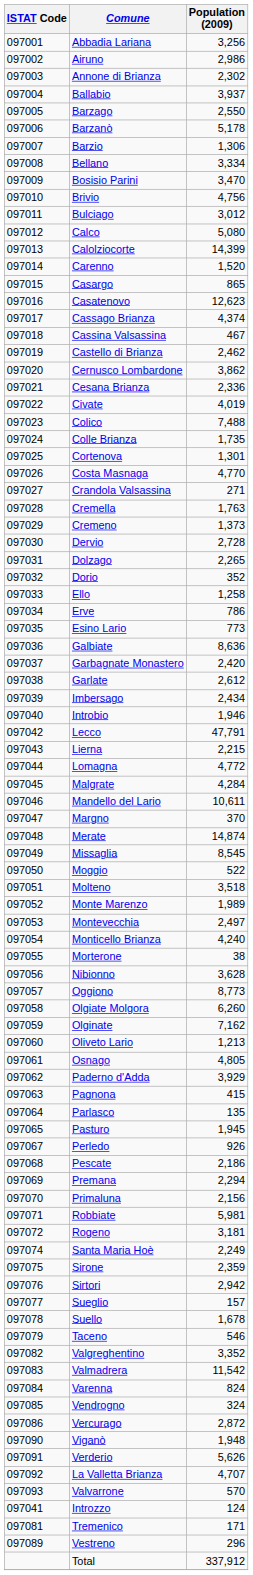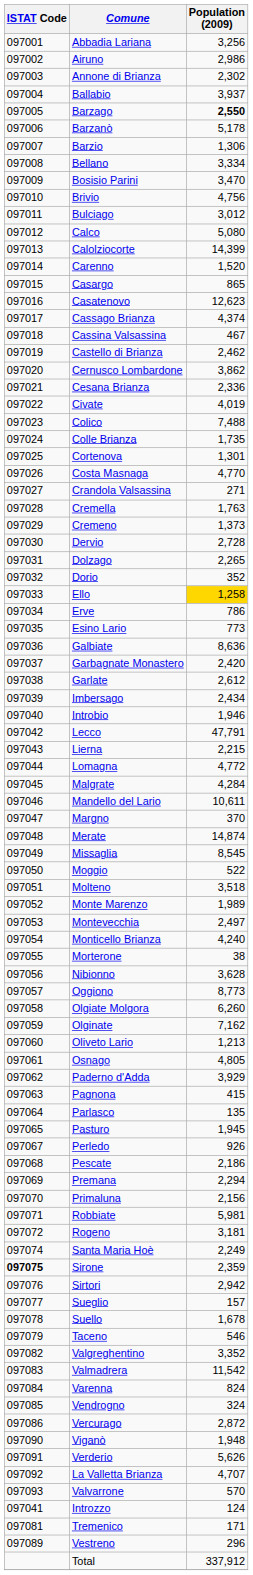 <table class="wikitable sortable">
 <tr>
 <th><a href='#'>ISTAT</a> Code</th>
 <th><em><a href='#'>Comune</a></em></th>
 <th>Population <br>(2009)</th>
 </tr>
 <tr>
 <td>097001</td>
 <td><a href='#'>Abbadia Lariana</a></td>
 <td align=right>3,256</td>
 </tr>
 <tr>
 <td>097002</td>
 <td><a href='#'>Airuno</a></td>
 <td align=right>2,986</td>
 </tr>
 <tr>
 <td>097003</td>
 <td><a href='#'>Annone di Brianza</a></td>
 <td align=right>2,302</td>
 </tr>
 <tr>
 <td>097004</td>
 <td><a href='#'>Ballabio</a></td>
 <td align=right>3,937</td>
 </tr>
 <tr>
 <td>097005</td>
 <td><a href='#'>Barzago</a></td>
-<td align=right>2,550</td>
+<td align=right><strong>2,550</strong></td>
 </tr>
 <tr>
 <td>097006</td>
 <td><a href='#'>Barzanò</a></td>
 <td align=right>5,178</td>
 </tr>
 <tr>
 <td>097007</td>
 <td><a href='#'>Barzio</a></td>
 <td align=right>1,306</td>
 </tr>
 <tr>
 <td>097008</td>
 <td><a href='#'>Bellano</a></td>
 <td align=right>3,334</td>
 </tr>
 <tr>
 <td>097009</td>
 <td><a href='#'>Bosisio Parini</a></td>
 <td align=right>3,470</td>
 </tr>
 <tr>
 <td>097010</td>
 <td><a href='#'>Brivio</a></td>
 <td align=right>4,756</td>
 </tr>
 <tr>
 <td>097011</td>
 <td><a href='#'>Bulciago</a></td>
 <td align=right>3,012</td>
 </tr>
 <tr>
 <td>097012</td>
 <td><a href='#'>Calco</a></td>
 <td align=right>5,080</td>
 </tr>
 <tr>
 <td>097013</td>
 <td><a href='#'>Calolziocorte</a></td>
 <td align=right>14,399</td>
 </tr>
 <tr>
 <td>097014</td>
 <td><a href='#'>Carenno</a></td>
 <td align=right>1,520</td>
 </tr>
 <tr>
 <td>097015</td>
 <td><a href='#'>Casargo</a></td>
 <td align=right>865</td>
 </tr>
 <tr>
 <td>097016</td>
 <td><a href='#'>Casatenovo</a></td>
 <td align=right>12,623</td>
 </tr>
 <tr>
 <td>097017</td>
 <td><a href='#'>Cassago Brianza</a></td>
 <td align=right>4,374</td>
 </tr>
 <tr>
 <td>097018</td>
 <td><a href='#'>Cassina Valsassina</a></td>
 <td align=right>467</td>
 </tr>
 <tr>
 <td>097019</td>
 <td><a href='#'>Castello di Brianza</a></td>
 <td align=right>2,462</td>
 </tr>
 <tr>
 <td>097020</td>
 <td><a href='#'>Cernusco Lombardone</a></td>
 <td align=right>3,862</td>
 </tr>
 <tr>
 <td>097021</td>
 <td><a href='#'>Cesana Brianza</a></td>
 <td align=right>2,336</td>
 </tr>
 <tr>
 <td>097022</td>
 <td><a href='#'>Civate</a></td>
 <td align=right>4,019</td>
 </tr>
 <tr>
 <td>097023</td>
 <td><a href='#'>Colico</a></td>
 <td align=right>7,488</td>
 </tr>
 <tr>
 <td>097024</td>
 <td><a href='#'>Colle Brianza</a></td>
 <td align=right>1,735</td>
 </tr>
 <tr>
 <td>097025</td>
 <td><a href='#'>Cortenova</a></td>
 <td align=right>1,301</td>
 </tr>
 <tr>
 <td>097026</td>
 <td><a href='#'>Costa Masnaga</a></td>
 <td align=right>4,770</td>
 </tr>
 <tr>
 <td>097027</td>
 <td><a href='#'>Crandola Valsassina</a></td>
 <td align=right>271</td>
 </tr>
 <tr>
 <td>097028</td>
 <td><a href='#'>Cremella</a></td>
 <td align=right>1,763</td>
 </tr>
 <tr>
 <td>097029</td>
 <td><a href='#'>Cremeno</a></td>
 <td align=right>1,373</td>
 </tr>
 <tr>
 <td>097030</td>
 <td><a href='#'>Dervio</a></td>
 <td align=right>2,728</td>
 </tr>
 <tr>
 <td>097031</td>
 <td><a href='#'>Dolzago</a></td>
 <td align=right>2,265</td>
 </tr>
 <tr>
 <td>097032</td>
 <td><a href='#'>Dorio</a></td>
 <td align=right>352</td>
 </tr>
 <tr>
 <td>097033</td>
 <td><a href='#'>Ello</a></td>
-<td align=right>1,258</td>
+<td align=right style="background: gold;">1,258</td>
 </tr>
 <tr>
 <td>097034</td>
 <td><a href='#'>Erve</a></td>
 <td align=right>786</td>
 </tr>
 <tr>
 <td>097035</td>
 <td><a href='#'>Esino Lario</a></td>
 <td align=right>773</td>
 </tr>
 <tr>
 <td>097036</td>
 <td><a href='#'>Galbiate</a></td>
 <td align=right>8,636</td>
 </tr>
 <tr>
 <td>097037</td>
 <td><a href='#'>Garbagnate Monastero</a></td>
 <td align=right>2,420</td>
 </tr>
 <tr>
 <td>097038</td>
 <td><a href='#'>Garlate</a></td>
 <td align=right>2,612</td>
 </tr>
 <tr>
 <td>097039</td>
 <td><a href='#'>Imbersago</a></td>
 <td align=right>2,434</td>
 </tr>
 <tr>
 <td>097040</td>
 <td><a href='#'>Introbio</a></td>
 <td align=right>1,946</td>
 </tr>
 <tr>
 <td>097042</td>
 <td><a href='#'>Lecco</a></td>
 <td align=right>47,791</td>
 </tr>
 <tr>
 <td>097043</td>
 <td><a href='#'>Lierna</a></td>
 <td align=right>2,215</td>
 </tr>
 <tr>
 <td>097044</td>
 <td><a href='#'>Lomagna</a></td>
 <td align=right>4,772</td>
 </tr>
 <tr>
 <td>097045</td>
 <td><a href='#'>Malgrate</a></td>
 <td align=right>4,284</td>
 </tr>
 <tr>
 <td>097046</td>
 <td><a href='#'>Mandello del Lario</a></td>
 <td align=right>10,611</td>
 </tr>
 <tr>
 <td>097047</td>
 <td><a href='#'>Margno</a></td>
 <td align=right>370</td>
 </tr>
 <tr>
 <td>097048</td>
 <td><a href='#'>Merate</a></td>
 <td align=right>14,874</td>
 </tr>
 <tr>
 <td>097049</td>
 <td><a href='#'>Missaglia</a></td>
 <td align=right>8,545</td>
 </tr>
 <tr>
 <td>097050</td>
 <td><a href='#'>Moggio</a></td>
 <td align=right>522</td>
 </tr>
 <tr>
 <td>097051</td>
 <td><a href='#'>Molteno</a></td>
 <td align=right>3,518</td>
 </tr>
 <tr>
 <td>097052</td>
 <td><a href='#'>Monte Marenzo</a></td>
 <td align=right>1,989</td>
 </tr>
 <tr>
 <td>097053</td>
 <td><a href='#'>Montevecchia</a></td>
 <td align=right>2,497</td>
 </tr>
 <tr>
 <td>097054</td>
 <td><a href='#'>Monticello Brianza</a></td>
 <td align=right>4,240</td>
 </tr>
 <tr>
 <td>097055</td>
 <td><a href='#'>Morterone</a></td>
 <td align=right>38</td>
 </tr>
 <tr>
 <td>097056</td>
 <td><a href='#'>Nibionno</a></td>
 <td align=right>3,628</td>
 </tr>
 <tr>
 <td>097057</td>
 <td><a href='#'>Oggiono</a></td>
 <td align=right>8,773</td>
 </tr>
 <tr>
 <td>097058</td>
 <td><a href='#'>Olgiate Molgora</a></td>
 <td align=right>6,260</td>
 </tr>
 <tr>
 <td>097059</td>
 <td><a href='#'>Olginate</a></td>
 <td align=right>7,162</td>
 </tr>
 <tr>
 <td>097060</td>
 <td><a href='#'>Oliveto Lario</a></td>
 <td align=right>1,213</td>
 </tr>
 <tr>
 <td>097061</td>
 <td><a href='#'>Osnago</a></td>
 <td align=right>4,805</td>
 </tr>
 <tr>
 <td>097062</td>
 <td><a href='#'>Paderno d'Adda</a></td>
 <td align=right>3,929</td>
 </tr>
 <tr>
 <td>097063</td>
 <td><a href='#'>Pagnona</a></td>
 <td align=right>415</td>
 </tr>
 <tr>
 <td>097064</td>
 <td><a href='#'>Parlasco</a></td>
 <td align=right>135</td>
 </tr>
 <tr>
 <td>097065</td>
 <td><a href='#'>Pasturo</a></td>
 <td align=right>1,945</td>
 </tr>
 <tr>
 <td>097067</td>
 <td><a href='#'>Perledo</a></td>
 <td align=right>926</td>
 </tr>
 <tr>
 <td>097068</td>
 <td><a href='#'>Pescate</a></td>
 <td align=right>2,186</td>
 </tr>
 <tr>
 <td>097069</td>
 <td><a href='#'>Premana</a></td>
 <td align=right>2,294</td>
 </tr>
 <tr>
 <td>097070</td>
 <td><a href='#'>Primaluna</a></td>
 <td align=right>2,156</td>
 </tr>
 <tr>
 <td>097071</td>
 <td><a href='#'>Robbiate</a></td>
 <td align=right>5,981</td>
 </tr>
 <tr>
 <td>097072</td>
 <td><a href='#'>Rogeno</a></td>
 <td align=right>3,181</td>
 </tr>
 <tr>
 <td>097074</td>
 <td><a href='#'>Santa Maria Hoè</a></td>
 <td align=right>2,249</td>
 </tr>
 <tr>
-<td>097075</td>
+<td><strong>097075</strong></td>
 <td><a href='#'>Sirone</a></td>
 <td align=right>2,359</td>
 </tr>
 <tr>
 <td>097076</td>
 <td><a href='#'>Sirtori</a></td>
 <td align=right>2,942</td>
 </tr>
 <tr>
 <td>097077</td>
 <td><a href='#'>Sueglio</a></td>
 <td align=right>157</td>
 </tr>
 <tr>
 <td>097078</td>
 <td><a href='#'>Suello</a></td>
 <td align=right>1,678</td>
 </tr>
 <tr>
 <td>097079</td>
 <td><a href='#'>Taceno</a></td>
 <td align=right>546</td>
 </tr>
 <tr>
 <td>097082</td>
 <td><a href='#'>Valgreghentino</a></td>
 <td align=right>3,352</td>
 </tr>
 <tr>
 <td>097083</td>
 <td><a href='#'>Valmadrera</a></td>
 <td align=right>11,542</td>
 </tr>
 <tr>
 <td>097084</td>
 <td><a href='#'>Varenna</a></td>
 <td align=right>824</td>
 </tr>
 <tr>
 <td>097085</td>
 <td><a href='#'>Vendrogno</a></td>
 <td align=right>324</td>
 </tr>
 <tr>
 <td>097086</td>
 <td><a href='#'>Vercurago</a></td>
 <td align=right>2,872</td>
 </tr>
 <tr>
 <td>097090</td>
 <td><a href='#'>Viganò</a></td>
 <td align=right>1,948</td>
 </tr>
 <tr>
 <td>097091</td>
 <td><a href='#'>Verderio</a></td>
 <td align=right>5,626</td>
 </tr>
 <tr>
 <td>097092</td>
 <td><a href='#'>La Valletta Brianza</a></td>
 <td align=right>4,707</td>
 </tr>
 <tr>
 <td>097093</td>
 <td><a href='#'>Valvarrone</a></td>
 <td align=right>570</td>
 </tr>
 <tr>
 <td>097041</td>
 <td><a href='#'>Introzzo</a></td>
 <td align=right>124</td>
 </tr>
 <tr>
 <td>097081</td>
 <td><a href='#'>Tremenico</a></td>
 <td align=right>171</td>
 </tr>
 <tr>
 <td>097089</td>
 <td><a href='#'>Vestreno</a></td>
 <td align=right>296</td>
 </tr>
 <tr>
 <td></td>
 <td>Total</td>
 <td align=right>337,912</td>
 </tr>
 <tr>
 </tr>
 </table>
